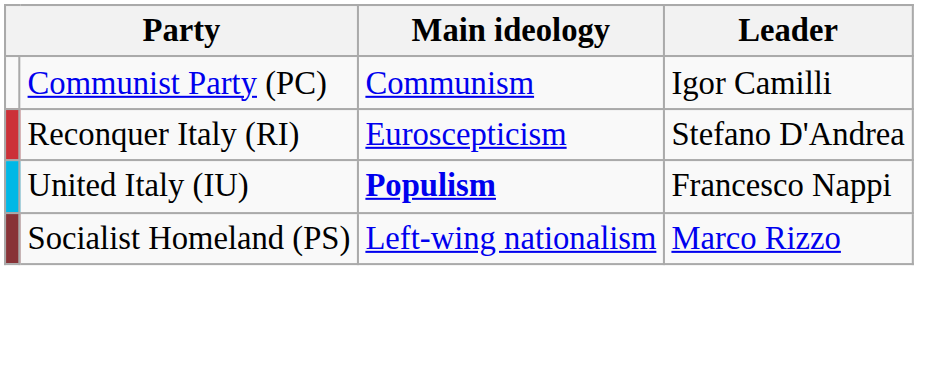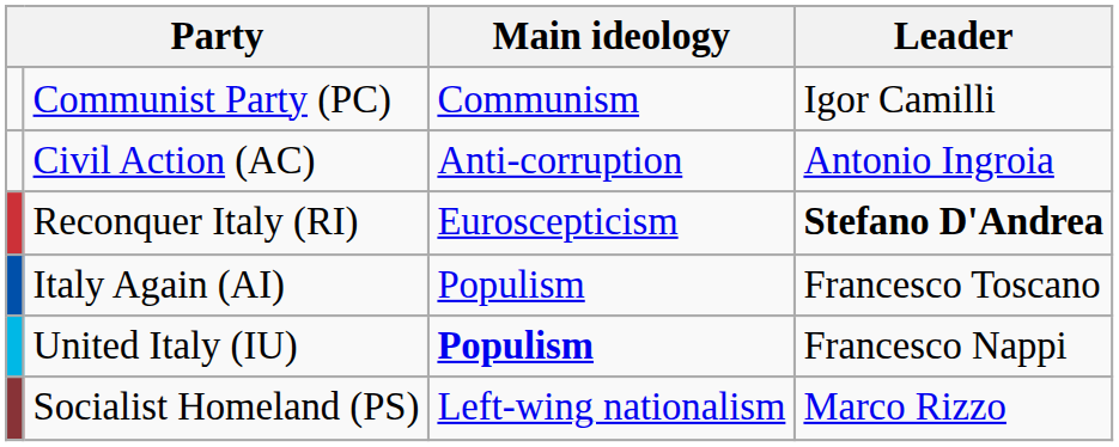 <table class=wikitable style=text-align:left>
 <tr>
 <th colspan=2>Party</th>
 <th>Main ideology</th>
 <th>Leader</th>
 </tr>
 <tr>
 <td></td>
 <td><a href='#'>Communist Party</a> (PC)</td>
 <td><a href='#'>Communism</a></td>
 <td>Igor Camilli</td>
 </tr>
 <tr>
+<td bgcolor=></td>
+<td><a href='#'>Civil Action</a> (AC)</td>
+<td><a href='#'>Anti-corruption</a></td>
+<td><a href='#'>Antonio Ingroia</a></td>
+</tr>
+<tr>
 <td bgcolor="#CC3138"></td>
 <td>Reconquer Italy (RI)</td>
 <td><a href='#'>Euroscepticism</a></td>
-<td>Stefano D'Andrea</td>
+<td><strong>Stefano D'Andrea</strong></td>
+</tr>
+<tr>
+<td bgcolor=#0050AA></td>
+<td>Italy Again (AI)</td>
+<td><a href='#'>Populism</a></td>
+<td>Francesco Toscano</td>
 </tr>
 <tr>
 <td bgcolor=#00b8e6></td>
 <td>United Italy (IU)</td>
 <td><strong><a href='#'>Populism</a></strong></td>
 <td>Francesco Nappi</td>
 </tr>
 <tr>
 <td bgcolor=#883337></td>
 <td>Socialist Homeland (PS)</td>
 <td><a href='#'>Left-wing nationalism</a></td>
 <td><a href='#'>Marco Rizzo</a></td>
 </tr>
 </table>
